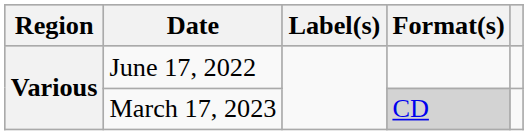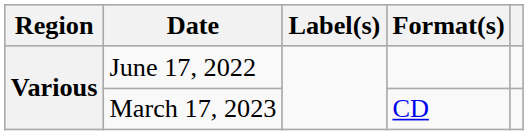 <table class="wikitable plainrowheaders">
 <tr>
 <th scope="col">Region</th>
 <th scope="col">Date</th>
 <th scope="col">Label(s)</th>
 <th scope="col">Format(s)</th>
 <th scope="col"></th>
 </tr>
 <tr>
 <th scope="row" rowspan="2">Various</th>
 <td>June 17, 2022</td>
 <td rowspan="2"></td>
 <td></td>
 <td style="text-align: center"></td>
 </tr>
 <tr>
 <td>March 17, 2023</td>
-<td style="background: lightgrey;"><a href='#'>CD</a></td>
+<td><a href='#'>CD</a></td>
 <td style="text-align: center"></td>
 </tr>
 </table>
